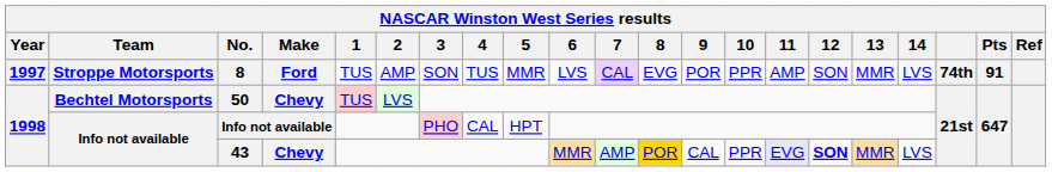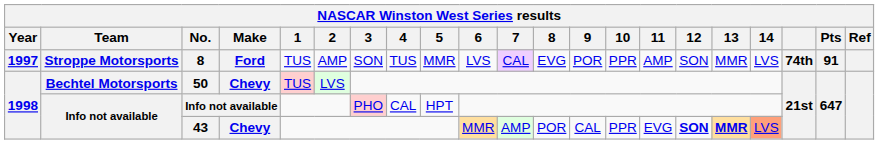 <table class="wikitable" style="text-align:center; font-size:75%">
 <tr>
 <th colspan=21><a href='#'>NASCAR Winston West Series</a> results</th>
 </tr>
 <tr>
 <th>Year</th>
 <th>Team</th>
 <th>No.</th>
 <th>Make</th>
 <th>1</th>
 <th>2</th>
 <th>3</th>
 <th>4</th>
 <th>5</th>
 <th>6</th>
 <th>7</th>
 <th>8</th>
 <th>9</th>
 <th>10</th>
 <th>11</th>
 <th>12</th>
 <th>13</th>
 <th>14</th>
 <th></th>
 <th>Pts</th>
 <th>Ref</th>
 </tr>
 <tr>
 <th><a href='#'>1997</a></th>
 <th><a href='#'>Stroppe Motorsports</a></th>
 <th>8</th>
 <th><a href='#'>Ford</a></th>
 <td><a href='#'>TUS</a></td>
 <td><a href='#'>AMP</a></td>
 <td><a href='#'>SON</a></td>
 <td><a href='#'>TUS</a></td>
 <td><a href='#'>MMR</a></td>
 <td><a href='#'>LVS</a></td>
 <td style="background:#EFCFFF;"><a href='#'>CAL</a><br></td>
 <td><a href='#'>EVG</a></td>
 <td><a href='#'>POR</a></td>
 <td><a href='#'>PPR</a></td>
 <td><a href='#'>AMP</a></td>
 <td><a href='#'>SON</a></td>
 <td><a href='#'>MMR</a></td>
 <td><a href='#'>LVS</a></td>
 <th>74th</th>
 <th>91</th>
 <th></th>
 </tr>
 <tr>
 <th rowspan=3><a href='#'>1998</a></th>
 <th><a href='#'>Bechtel Motorsports</a></th>
 <th>50</th>
 <th><a href='#'>Chevy</a></th>
 <td style="background:#FFCFCF;"><a href='#'>TUS</a><br></td>
 <td style="background:#DFFFDF;"><a href='#'>LVS</a><br></td>
 <td colspan=12></td>
 <th rowspan=3>21st</th>
 <th rowspan=3>647</th>
 <th rowspan=3></th>
 </tr>
 <tr>
 <th rowspan=2><small>Info not available</small></th>
 <th colspan=2><small>Info not available</small></th>
 <td colspan=2></td>
 <td style="background:#FFCFCF;"><a href='#'>PHO</a><br></td>
 <td><a href='#'>CAL</a></td>
 <td><a href='#'>HPT</a></td>
 <td colspan=9></td>
 </tr>
 <tr>
 <th>43</th>
 <th><a href='#'>Chevy</a></th>
 <td colspan=5></td>
 <td style="background:#FFDF9F;"><a href='#'>MMR</a><br></td>
 <td style="background:#DFFFDF;"><a href='#'>AMP</a><br></td>
-<td style="background: gold;"><a href='#'>POR</a></td>
+<td><a href='#'>POR</a></td>
 <td><a href='#'>CAL</a></td>
 <td><a href='#'>PPR</a></td>
-<td style="background: lavender;"><a href='#'>EVG</a></td>
+<td><a href='#'>EVG</a></td>
 <td><strong><a href='#'>SON</a></strong></td>
-<td style="background:#FFDF9F;"><a href='#'>MMR</a><br></td>
-<td><a href='#'>LVS</a></td>
+<td style="background:#FFDF9F;"><strong><a href='#'>MMR</a><br></strong></td>
+<td style="background: lightsalmon;"><a href='#'>LVS</a></td>
 </tr>
 </table>
